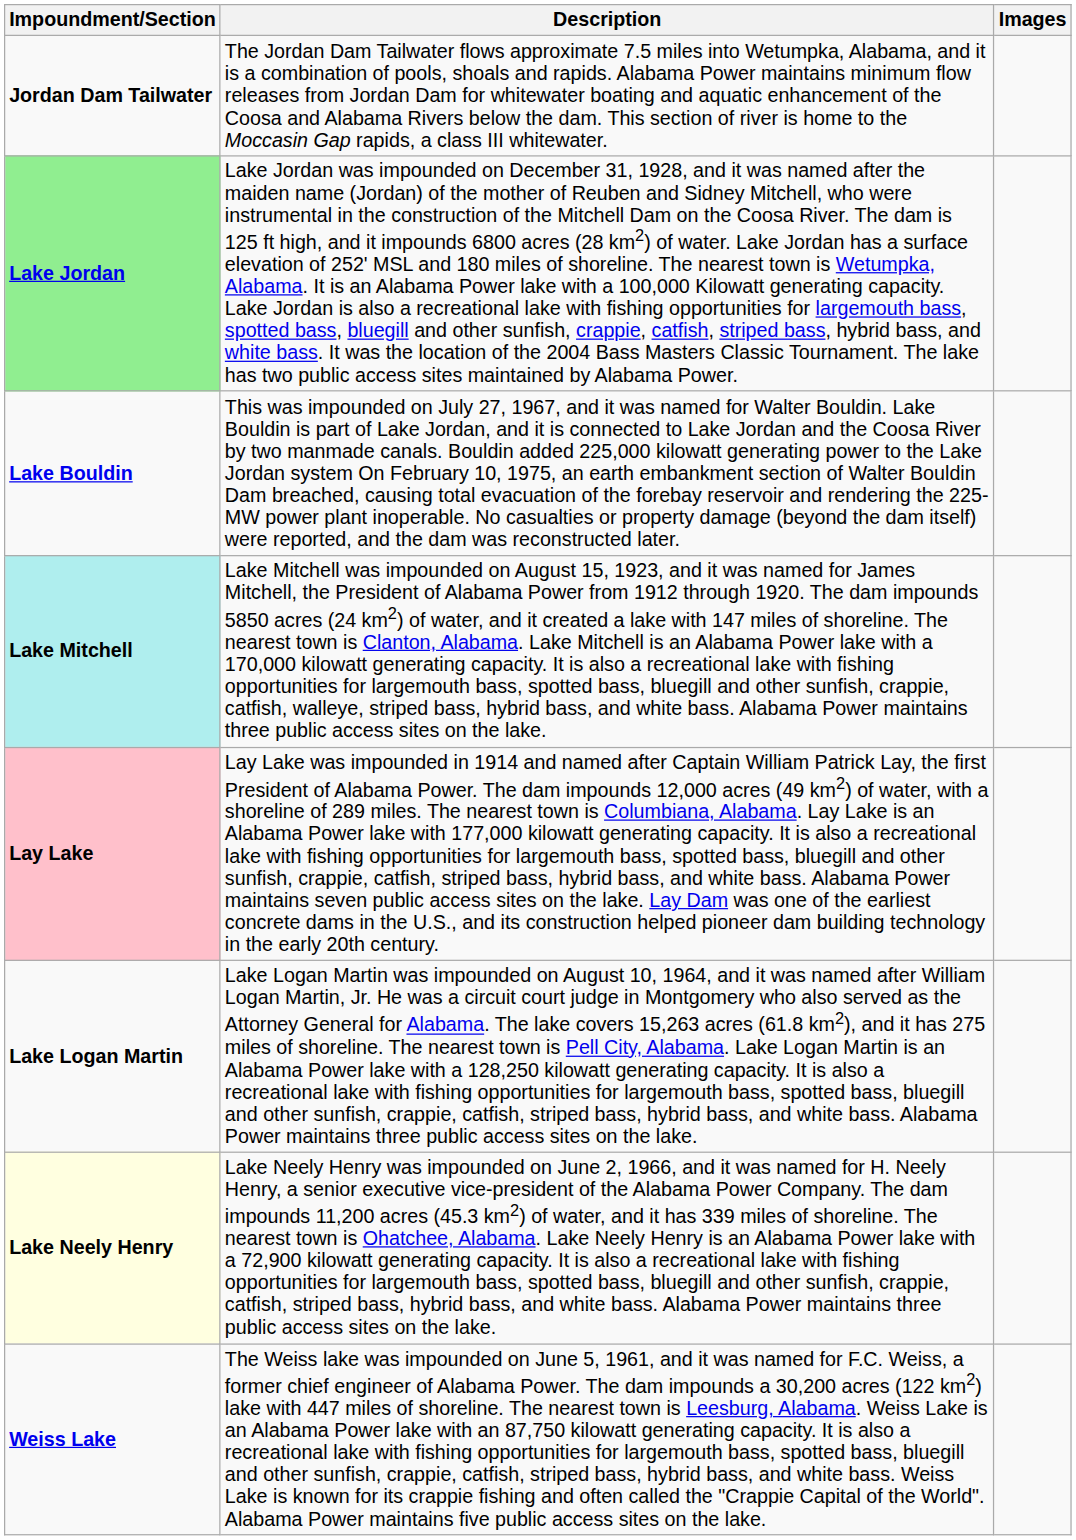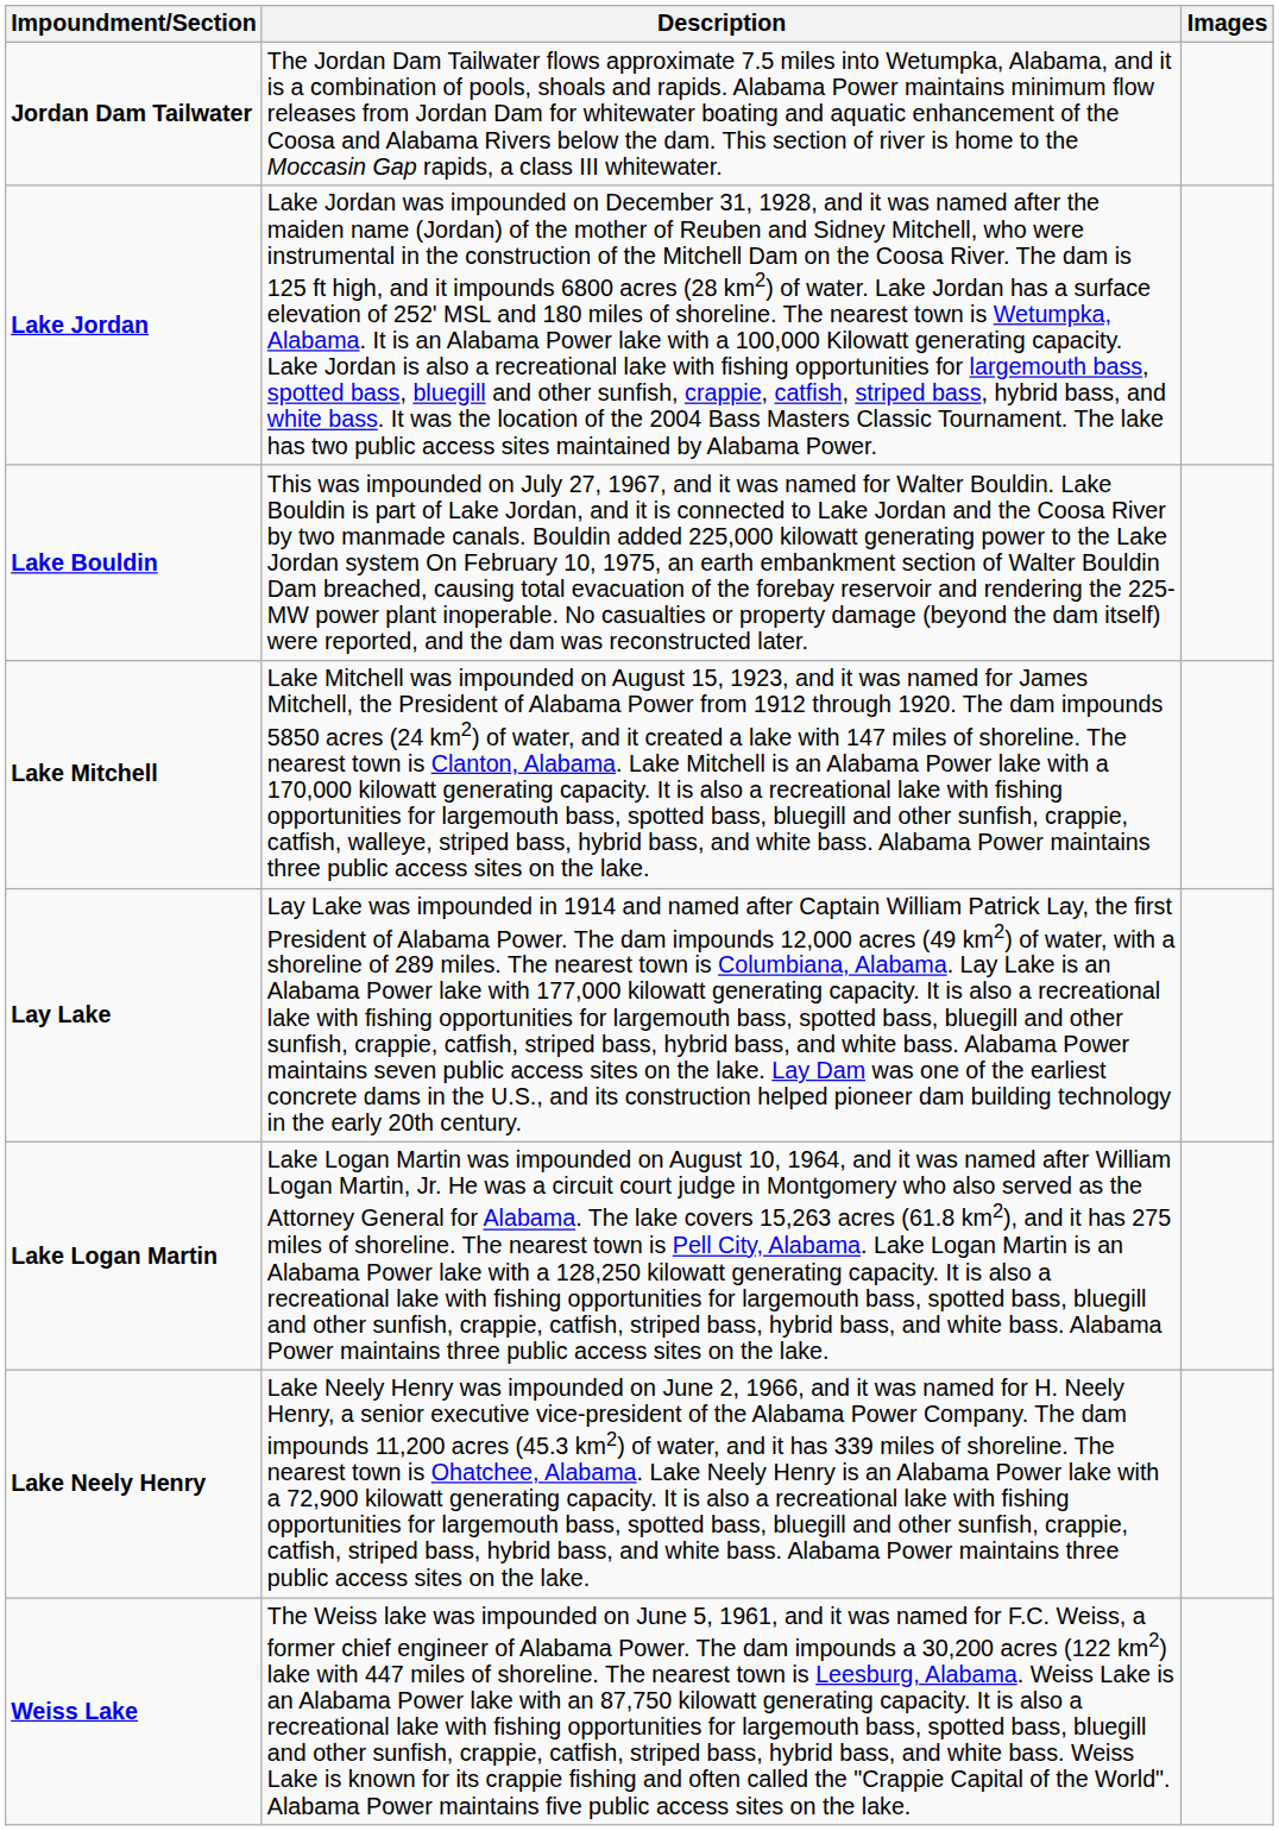 <table class="wikitable">
 <tr>
 <th>Impoundment/Section</th>
 <th>Description</th>
 <th>Images</th>
 </tr>
 <tr>
 <td><strong>Jordan Dam Tailwater</strong></td>
 <td>The Jordan Dam Tailwater flows approximate 7.5 miles into Wetumpka, Alabama, and it is a combination of pools, shoals and rapids. Alabama Power maintains minimum flow releases from Jordan Dam for whitewater boating and aquatic enhancement of the Coosa and Alabama Rivers below the dam.  This section of river is home to the <em>Moccasin Gap</em> rapids, a class III whitewater.</td>
 <td></td>
 </tr>
 <tr>
-<td style="background: lightgreen;"><strong><a href='#'>Lake Jordan</a></strong></td>
+<td><strong><a href='#'>Lake Jordan</a></strong></td>
 <td>Lake Jordan was impounded on December 31, 1928, and it was named after the maiden name (Jordan) of the mother of Reuben and Sidney Mitchell, who were instrumental in the construction of the Mitchell Dam on the Coosa River. The dam is 125 ft high, and it impounds 6800 acres (28 km<sup>2</sup>) of water. Lake Jordan has a surface elevation of 252' MSL and 180 miles of shoreline. The nearest town is <a href='#'>Wetumpka, Alabama</a>. It is an Alabama Power lake with a 100,000 Kilowatt generating capacity. Lake Jordan is also a recreational lake with fishing opportunities for <a href='#'>largemouth bass</a>, <a href='#'>spotted bass</a>, <a href='#'>bluegill</a> and other sunfish, <a href='#'>crappie</a>, <a href='#'>catfish</a>, <a href='#'>striped bass</a>, hybrid bass, and <a href='#'>white bass</a>. It was the location of the 2004 Bass Masters Classic Tournament. The lake has two public access sites maintained by Alabama Power.</td>
 <td></td>
 </tr>
 <tr>
 <td><strong><a href='#'>Lake Bouldin</a></strong></td>
 <td>This was impounded on July 27, 1967, and it was named for Walter Bouldin. Lake Bouldin is part of Lake Jordan, and it is connected to Lake Jordan and the Coosa River by two manmade canals. Bouldin added 225,000 kilowatt generating power to the Lake Jordan system  On February 10, 1975, an earth embankment section of Walter Bouldin Dam breached, causing total evacuation of the forebay reservoir and rendering the 225-MW power plant inoperable.  No casualties or property damage (beyond the dam itself) were reported, and the dam was reconstructed later.</td>
 </tr>
 <tr>
-<td style="background: paleturquoise;"><strong>Lake Mitchell</strong></td>
+<td><strong>Lake Mitchell</strong></td>
 <td>Lake Mitchell was impounded on August 15, 1923, and it was named for James Mitchell, the President of Alabama Power from 1912 through 1920. The dam impounds 5850 acres (24 km<sup>2</sup>) of water, and it created a lake with 147 miles of shoreline. The nearest town is <a href='#'>Clanton, Alabama</a>. Lake Mitchell is an Alabama Power lake with a 170,000 kilowatt generating capacity. It is also a recreational lake with fishing opportunities for largemouth bass, spotted bass, bluegill and other sunfish, crappie, catfish, walleye, striped bass, hybrid bass, and white bass. Alabama Power maintains three public access sites on the lake.</td>
 <td></td>
 </tr>
 <tr>
-<td style="background: pink;"><strong>Lay Lake</strong></td>
+<td><strong>Lay Lake</strong></td>
 <td>Lay Lake was impounded in 1914 and named after Captain William Patrick Lay, the first President of Alabama Power. The dam impounds 12,000 acres (49 km<sup>2</sup>) of water, with a shoreline of 289 miles.  The nearest town is <a href='#'>Columbiana, Alabama</a>. Lay Lake is an Alabama Power lake with 177,000 kilowatt generating capacity. It is also a recreational lake with fishing opportunities for largemouth bass, spotted bass, bluegill and other sunfish, crappie, catfish, striped bass, hybrid bass, and white bass.  Alabama Power maintains seven public access sites on the lake. <a href='#'>Lay Dam</a> was one of the earliest concrete dams in the U.S., and its construction helped pioneer dam building technology in the early 20th century.</td>
 <td></td>
 </tr>
 <tr>
 <td><strong>Lake Logan Martin</strong></td>
 <td>Lake Logan Martin was impounded on August 10, 1964, and it was named after William Logan Martin, Jr. He was a circuit court judge in Montgomery who also served as the Attorney General for <a href='#'>Alabama</a>. The lake covers 15,263 acres (61.8 km<sup>2</sup>), and it has 275 miles of shoreline. The nearest town is <a href='#'>Pell City, Alabama</a>. Lake Logan Martin is an Alabama Power lake with a 128,250 kilowatt generating capacity. It is also a recreational lake with fishing opportunities for largemouth bass, spotted bass, bluegill and other sunfish, crappie, catfish, striped bass, hybrid bass, and white bass. Alabama Power maintains three public access sites on the lake.</td>
 <td></td>
 </tr>
 <tr>
-<td style="background: lightyellow;"><strong>Lake Neely Henry</strong></td>
+<td><strong>Lake Neely Henry</strong></td>
 <td>Lake Neely Henry was impounded on June 2, 1966, and it was named for H. Neely Henry, a senior executive vice-president of the Alabama Power Company. The dam impounds 11,200 acres (45.3 km<sup>2</sup>) of water, and it has 339 miles of shoreline. The nearest town is <a href='#'>Ohatchee, Alabama</a>. Lake Neely Henry is an Alabama Power lake with a 72,900 kilowatt generating capacity. It is also a recreational lake with fishing opportunities for largemouth bass, spotted bass, bluegill and other sunfish, crappie, catfish, striped bass, hybrid bass, and white bass. Alabama Power maintains three public access sites on the lake.</td>
 <td></td>
 </tr>
 <tr>
 <td><strong><a href='#'>Weiss Lake</a></strong></td>
 <td>The Weiss lake was impounded on June 5, 1961, and it was named for F.C. Weiss, a former chief engineer of Alabama Power. The dam impounds a 30,200 acres (122 km<sup>2</sup>) lake with 447 miles of shoreline. The nearest town is <a href='#'>Leesburg, Alabama</a>. Weiss Lake is an Alabama Power lake with an 87,750 kilowatt generating capacity. It is also a recreational lake with fishing opportunities for largemouth bass, spotted bass, bluegill and other sunfish, crappie, catfish, striped bass, hybrid bass, and white bass.  Weiss Lake is known for its crappie fishing and often called the "Crappie Capital of the World". Alabama Power maintains five public access sites on the lake.</td>
 <td></td>
 </tr>
 </table>
